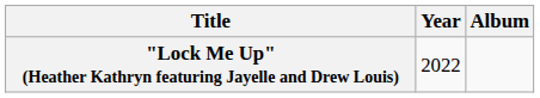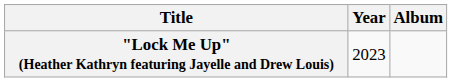 <table class="wikitable plainrowheaders" style="text-align:left;">
 <tr>
 <th scope="col" style="width:20em;">Title</th>
 <th scope="col" style="width:2em;">Year</th>
 <th>Album</th>
 </tr>
 <tr>
 <th scope="row">"Lock Me Up"<br><small>(Heather Kathryn featuring Jayelle and Drew Louis)</small></th>
-<td>2022</td>
+<td>2023</td>
 <td></td>
 </tr>
 </table>
